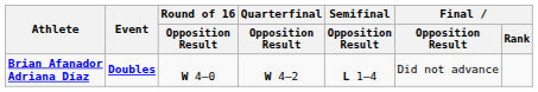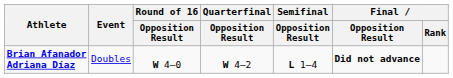 <table class=wikitable style=font-size:90%;text-align:center>
 <tr>
 <th rowspan=2>Athlete</th>
 <th rowspan=2>Event</th>
 <th>Round of 16</th>
 <th>Quarterfinal</th>
 <th>Semifinal</th>
 <th colspan=2>Final / </th>
 </tr>
 <tr style=font-size:95%>
 <th>Opposition<br>Result</th>
 <th>Opposition<br>Result</th>
 <th>Opposition<br>Result</th>
 <th>Opposition<br>Result</th>
 <th>Rank</th>
 </tr>
 <tr>
 <td align=left><strong><a href='#'>Brian Afanador</a><br><a href='#'>Adriana Díaz</a></strong></td>
-<td align=left><strong><a href='#'>Doubles</a></strong></td>
+<td align=left><a href='#'>Doubles</a></td>
 <td><br><strong>W</strong> 4–0</td>
 <td><br><strong>W</strong> 4–2</td>
 <td><br><strong>L</strong> 1–4</td>
-<td>Did not advance</td>
+<td><strong>Did not advance</strong></td>
 <td></td>
 </tr>
 </table>
